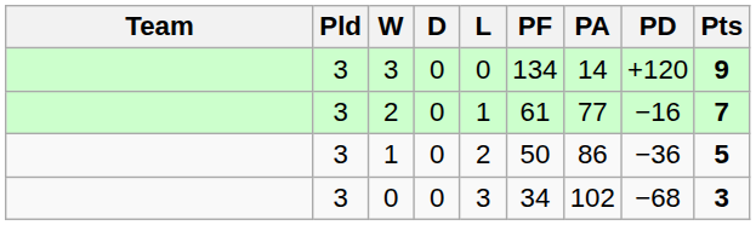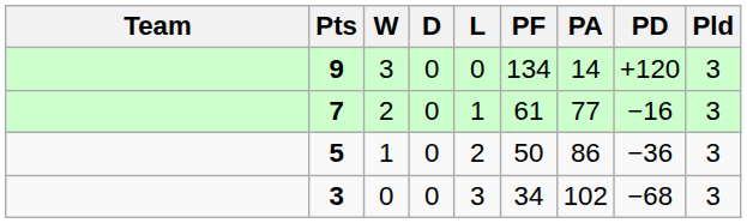 <table class="wikitable" style="text-align:center;">
 <tr>
 <th width=175>Team</th>
-<th style="width:20px;" abbr="Played">Pld</th>
+<th style="width:20px;" abbr="Points">Pts</th>
 <th style="width:20px;" abbr="Won">W</th>
 <th style="width:20px;" abbr="Drawn">D</th>
 <th style="width:20px;" abbr="Lost">L</th>
 <th style="width:20px;" abbr="Points for">PF</th>
 <th style="width:20px;" abbr="Points against">PA</th>
 <th style="width:25px;" abbr="Points difference">PD</th>
-<th style="width:20px;" abbr="Points">Pts</th>
+<th style="width:20px;" abbr="Played">Pld</th>
 </tr>
 <tr style="background:#cfc;">
 <td align=left></td>
-<td>3</td>
+<td><strong>9</strong></td>
 <td>3</td>
 <td>0</td>
 <td>0</td>
 <td>134</td>
 <td>14</td>
 <td>+120</td>
-<td><strong>9</strong></td>
+<td>3</td>
 </tr>
 <tr style="background:#cfc;">
 <td align=left></td>
-<td>3</td>
+<td><strong>7</strong></td>
 <td>2</td>
 <td>0</td>
 <td>1</td>
 <td>61</td>
 <td>77</td>
 <td>−16</td>
-<td><strong>7</strong></td>
+<td>3</td>
 </tr>
 <tr>
 <td align=left></td>
-<td>3</td>
+<td><strong>5</strong></td>
 <td>1</td>
 <td>0</td>
 <td>2</td>
 <td>50</td>
 <td>86</td>
 <td>−36</td>
-<td><strong>5</strong></td>
+<td>3</td>
 </tr>
 <tr>
 <td align=left></td>
-<td>3</td>
+<td><strong>3</strong></td>
 <td>0</td>
 <td>0</td>
 <td>3</td>
 <td>34</td>
 <td>102</td>
 <td>−68</td>
-<td><strong>3</strong></td>
+<td>3</td>
 </tr>
 </table>
